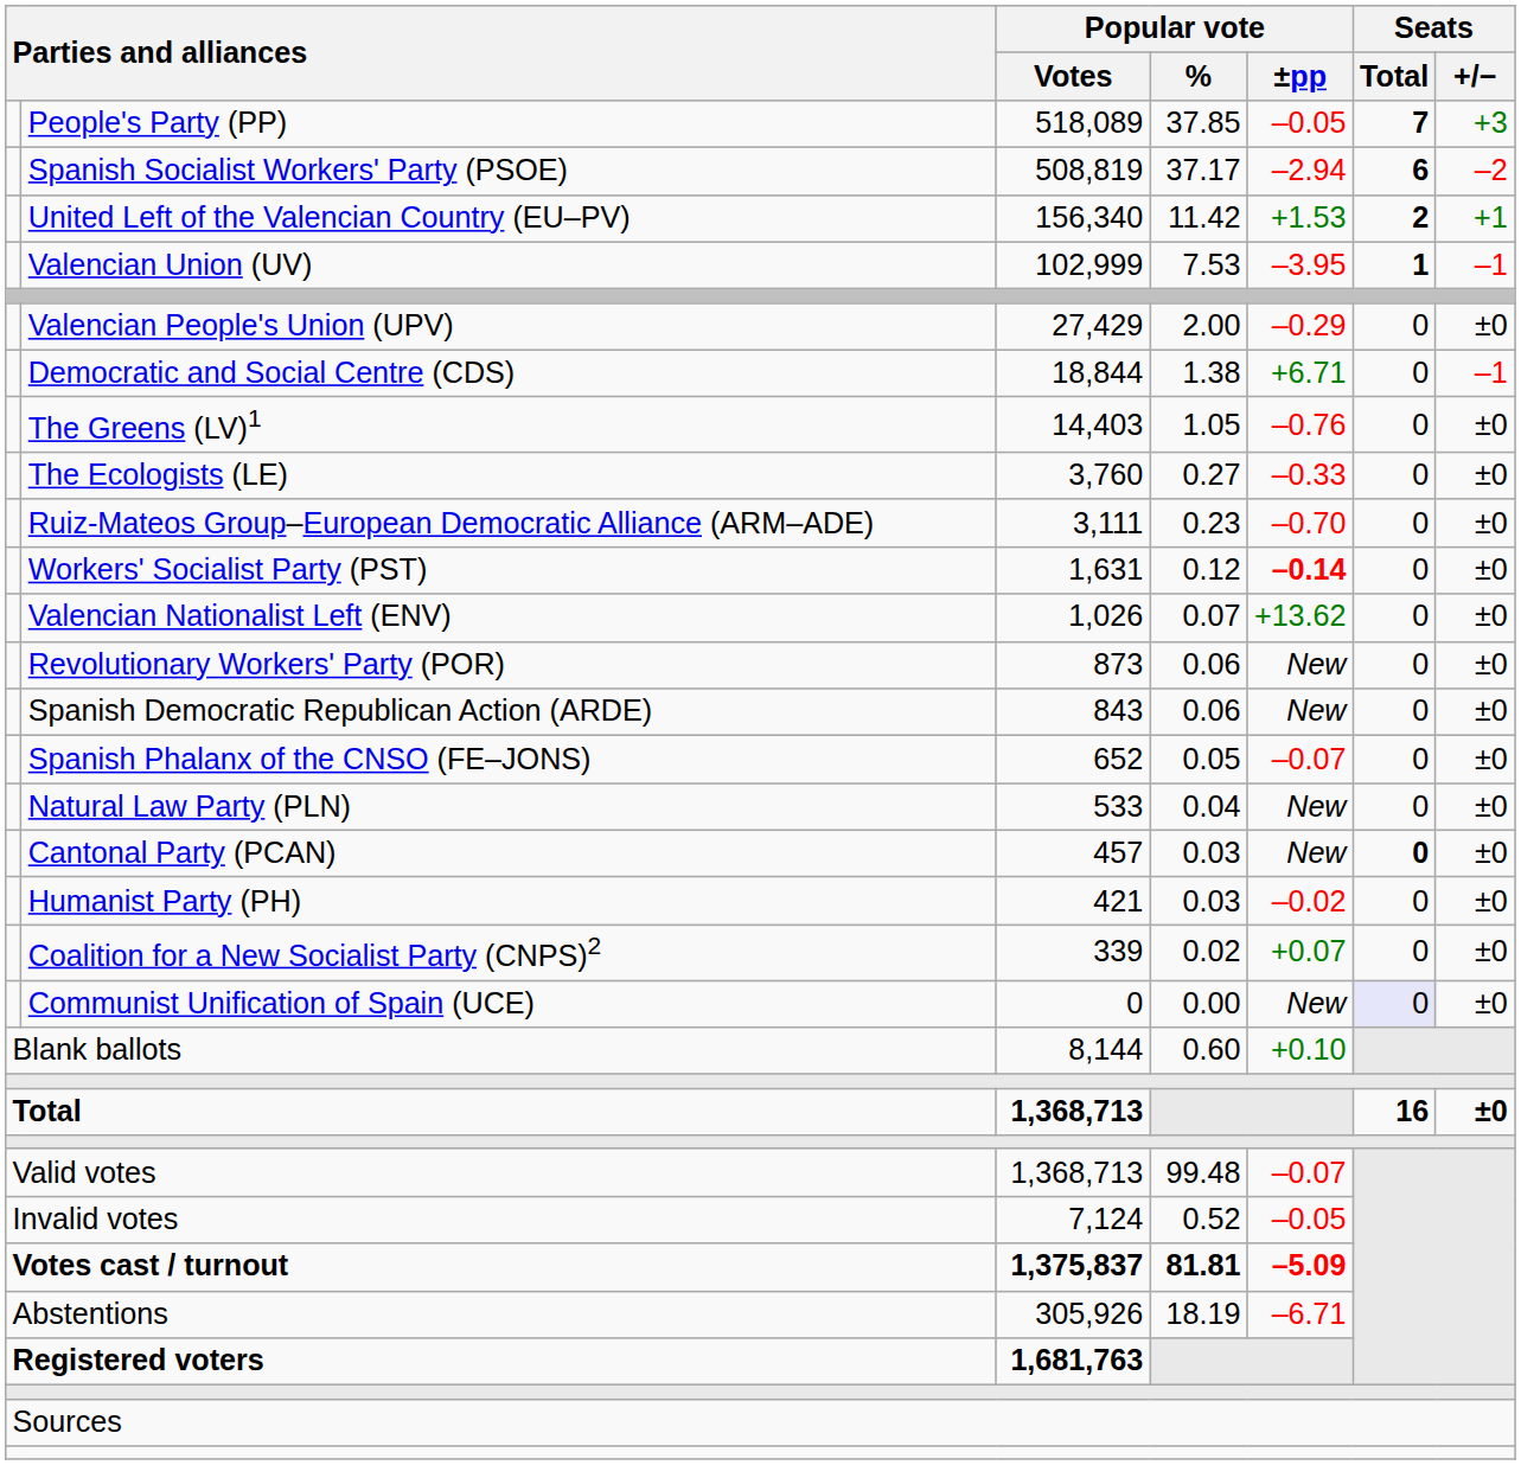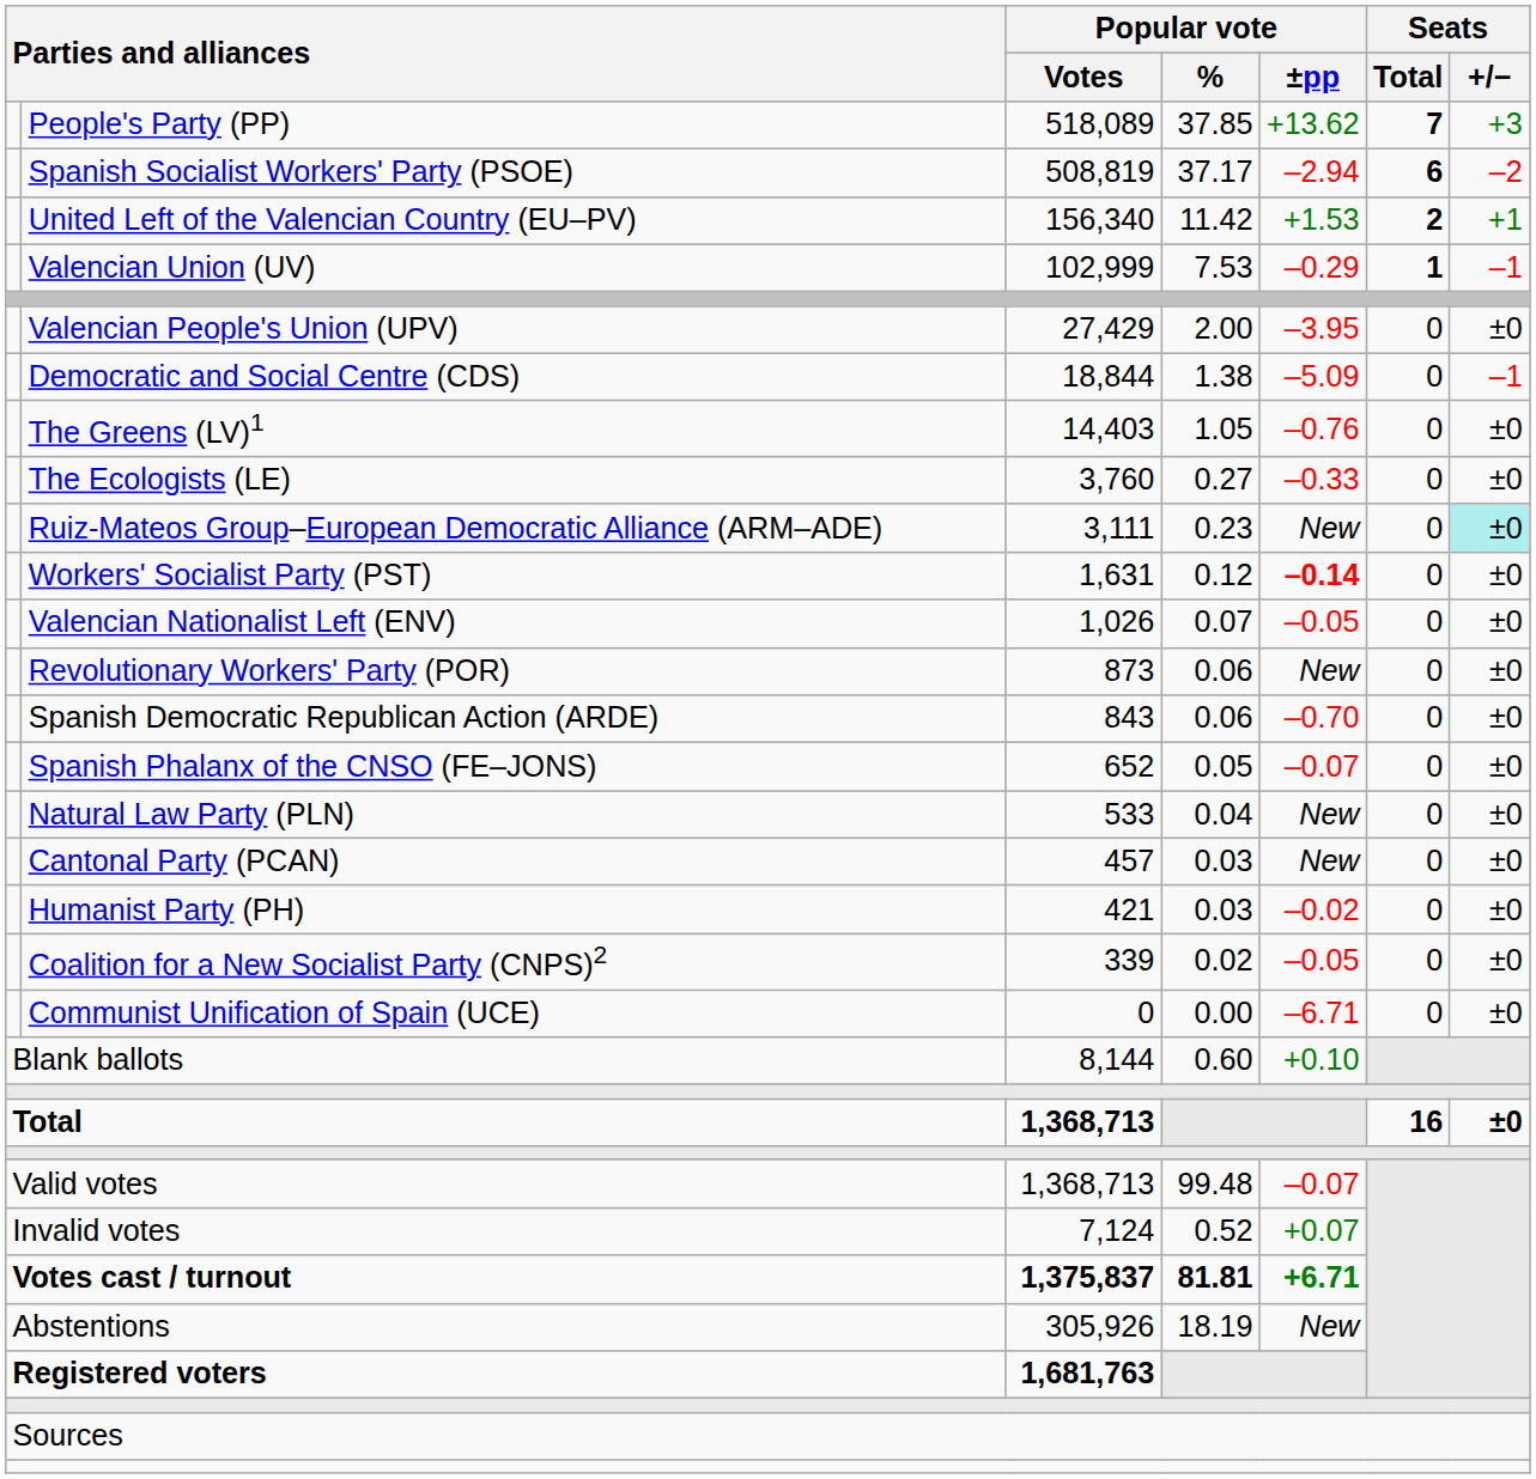 <table class="wikitable" style="text-align:right;">
 <tr>
 <th style="text-align:left;" rowspan="2" colspan="2" width="525">Parties and alliances</th>
 <th colspan="3">Popular vote</th>
 <th colspan="2">Seats</th>
 </tr>
 <tr>
 <th width="75">Votes</th>
 <th width="45">%</th>
 <th width="45">±<a href='#'>pp</a></th>
 <th width="35">Total</th>
 <th width="35">+/−</th>
 </tr>
 <tr>
 <td width="1" style="color:inherit;background:"></td>
 <td align="left"><a href='#'>People's Party</a> (PP)</td>
 <td>518,089</td>
 <td>37.85</td>
-<td style="color:red;">–0.05</td>
+<td style="color:green;">+13.62</td>
 <td><strong>7</strong></td>
 <td style="color:green;">+3</td>
 </tr>
 <tr>
 <td style="color:inherit;background:"></td>
 <td align="left"><a href='#'>Spanish Socialist Workers' Party</a> (PSOE)</td>
 <td>508,819</td>
 <td>37.17</td>
 <td style="color:red;">–2.94</td>
 <td><strong>6</strong></td>
 <td style="color:red;">–2</td>
 </tr>
 <tr>
 <td style="color:inherit;background:"></td>
 <td align="left"><a href='#'>United Left of the Valencian Country</a> (EU–PV)</td>
 <td>156,340</td>
 <td>11.42</td>
 <td style="color:green;">+1.53</td>
 <td><strong>2</strong></td>
 <td style="color:green;">+1</td>
 </tr>
 <tr>
 <td style="color:inherit;background:"></td>
 <td align="left"><a href='#'>Valencian Union</a> (UV)</td>
 <td>102,999</td>
 <td>7.53</td>
-<td style="color:red;">–3.95</td>
+<td style="color:red;">–0.29</td>
 <td><strong>1</strong></td>
 <td style="color:red;">–1</td>
 </tr>
 <tr>
 <td colspan="7" bgcolor="#C0C0C0"></td>
 </tr>
 <tr>
 <td style="color:inherit;background:"></td>
 <td align="left"><a href='#'>Valencian People's Union</a> (UPV)</td>
 <td>27,429</td>
 <td>2.00</td>
-<td style="color:red;">–0.29</td>
+<td style="color:red;">–3.95</td>
 <td>0</td>
 <td>±0</td>
 </tr>
 <tr>
 <td style="color:inherit;background:"></td>
 <td align="left"><a href='#'>Democratic and Social Centre</a> (CDS)</td>
 <td>18,844</td>
 <td>1.38</td>
-<td style="color:green;">+6.71</td>
+<td style="color:red;">–5.09</td>
 <td>0</td>
 <td style="color:red;">–1</td>
 </tr>
 <tr>
 <td style="color:inherit;background:"></td>
 <td align="left"><a href='#'>The Greens</a> (LV)<sup>1</sup></td>
 <td>14,403</td>
 <td>1.05</td>
 <td style="color:red;">–0.76</td>
 <td>0</td>
 <td>±0</td>
 </tr>
 <tr>
 <td style="color:inherit;background:"></td>
 <td align="left"><a href='#'>The Ecologists</a> (LE)</td>
 <td>3,760</td>
 <td>0.27</td>
 <td style="color:red;">–0.33</td>
 <td>0</td>
 <td>±0</td>
 </tr>
 <tr>
 <td style="color:inherit;background:"></td>
 <td align="left"><a href='#'>Ruiz-Mateos Group</a>–<a href='#'>European Democratic Alliance</a> (ARM–ADE)</td>
 <td>3,111</td>
 <td>0.23</td>
-<td style="color:red;">–0.70</td>
+<td><em>New</em></td>
 <td>0</td>
-<td>±0</td>
+<td style="background: paleturquoise;">±0</td>
 </tr>
 <tr>
 <td style="color:inherit;background:"></td>
 <td align="left"><a href='#'>Workers' Socialist Party</a> (PST)</td>
 <td>1,631</td>
 <td>0.12</td>
 <td style="color:red;"><strong>–0.14</strong></td>
 <td>0</td>
 <td>±0</td>
 </tr>
 <tr>
 <td style="color:inherit;background:"></td>
 <td align="left"><a href='#'>Valencian Nationalist Left</a> (ENV)</td>
 <td>1,026</td>
 <td>0.07</td>
-<td style="color:green;">+13.62</td>
+<td style="color:red;">–0.05</td>
 <td>0</td>
 <td>±0</td>
 </tr>
 <tr>
 <td style="color:inherit;background:"></td>
 <td align="left"><a href='#'>Revolutionary Workers' Party</a> (POR)</td>
 <td>873</td>
 <td>0.06</td>
 <td><em>New</em></td>
 <td>0</td>
 <td>±0</td>
 </tr>
 <tr>
 <td style="color:inherit;background:"></td>
 <td align="left">Spanish Democratic Republican Action (ARDE)</td>
 <td>843</td>
 <td>0.06</td>
-<td><em>New</em></td>
+<td style="color:red;">–0.70</td>
 <td>0</td>
 <td>±0</td>
 </tr>
 <tr>
 <td style="color:inherit;background:"></td>
 <td align="left"><a href='#'>Spanish Phalanx of the CNSO</a> (FE–JONS)</td>
 <td>652</td>
 <td>0.05</td>
 <td style="color:red;">–0.07</td>
 <td>0</td>
 <td>±0</td>
 </tr>
 <tr>
 <td style="color:inherit;background:"></td>
 <td align="left"><a href='#'>Natural Law Party</a> (PLN)</td>
 <td>533</td>
 <td>0.04</td>
 <td><em>New</em></td>
 <td>0</td>
 <td>±0</td>
 </tr>
 <tr>
 <td style="color:inherit;background:"></td>
 <td align="left"><a href='#'>Cantonal Party</a> (PCAN)</td>
 <td>457</td>
 <td>0.03</td>
 <td><em>New</em></td>
-<td><strong>0</strong></td>
+<td>0</td>
 <td>±0</td>
 </tr>
 <tr>
 <td style="color:inherit;background:"></td>
 <td align="left"><a href='#'>Humanist Party</a> (PH)</td>
 <td>421</td>
 <td>0.03</td>
 <td style="color:red;">–0.02</td>
 <td>0</td>
 <td>±0</td>
 </tr>
 <tr>
 <td style="color:inherit;background:"></td>
 <td align="left"><a href='#'>Coalition for a New Socialist Party</a> (CNPS)<sup>2</sup></td>
 <td>339</td>
 <td>0.02</td>
-<td style="color:green;">+0.07</td>
+<td style="color:red;">–0.05</td>
 <td>0</td>
 <td>±0</td>
 </tr>
 <tr>
 <td style="color:inherit;background:"></td>
 <td align="left"><a href='#'>Communist Unification of Spain</a> (UCE)</td>
 <td>0</td>
 <td>0.00</td>
-<td><em>New</em></td>
-<td style="background: lavender;">0</td>
+<td style="color:red;">–6.71</td>
+<td>0</td>
 <td>±0</td>
 </tr>
 <tr>
 <td align="left" colspan="2">Blank ballots</td>
 <td>8,144</td>
 <td>0.60</td>
 <td style="color:green;">+0.10</td>
 <td bgcolor="#E9E9E9" colspan="2"></td>
 </tr>
 <tr>
 <td colspan="7" bgcolor="#E9E9E9"></td>
 </tr>
 <tr style="font-weight:bold;">
 <td align="left" colspan="2">Total</td>
 <td>1,368,713</td>
 <td bgcolor="#E9E9E9" colspan="2"></td>
 <td>16</td>
 <td>±0</td>
 </tr>
 <tr>
 <td colspan="7" bgcolor="#E9E9E9"></td>
 </tr>
 <tr>
 <td align="left" colspan="2">Valid votes</td>
 <td>1,368,713</td>
 <td>99.48</td>
 <td style="color:red;">–0.07</td>
 <td bgcolor="#E9E9E9" colspan="2" rowspan="5"></td>
 </tr>
 <tr>
 <td align="left" colspan="2">Invalid votes</td>
 <td>7,124</td>
 <td>0.52</td>
-<td style="color:red;">–0.05</td>
+<td style="color:green;">+0.07</td>
 </tr>
 <tr style="font-weight:bold;">
 <td align="left" colspan="2">Votes cast / turnout</td>
 <td>1,375,837</td>
 <td>81.81</td>
-<td style="color:red;">–5.09</td>
+<td style="color:green;">+6.71</td>
 </tr>
 <tr>
 <td align="left" colspan="2">Abstentions</td>
 <td>305,926</td>
 <td>18.19</td>
-<td style="color:red;">–6.71</td>
+<td><em>New</em></td>
 </tr>
 <tr style="font-weight:bold;">
 <td align="left" colspan="2">Registered voters</td>
 <td>1,681,763</td>
 <td bgcolor="#E9E9E9" colspan="2"></td>
 </tr>
 <tr>
 <td colspan="7" bgcolor="#E9E9E9"></td>
 </tr>
 <tr>
 <td align="left" colspan="7">Sources</td>
 </tr>
 <tr>
 <td colspan="7" style="text-align:left; max-width:790px;"></td>
 </tr>
 </table>
